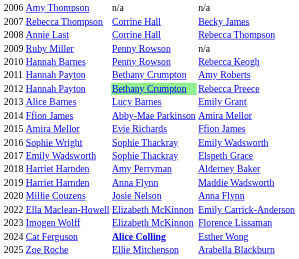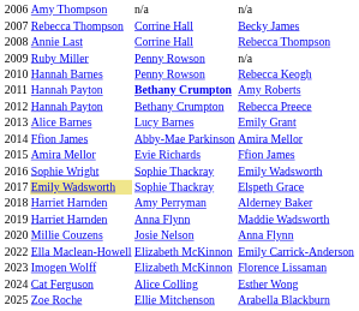 <table>
 <tr>
 <td>2006</td>
 <td><a href='#'>Amy Thompson</a></td>
 <td>n/a</td>
 <td>n/a</td>
 </tr>
 <tr>
 <td>2007</td>
 <td><a href='#'>Rebecca Thompson</a></td>
 <td><a href='#'>Corrine Hall</a></td>
 <td><a href='#'>Becky James</a></td>
 </tr>
 <tr>
 <td>2008</td>
 <td><a href='#'>Annie Last</a></td>
 <td><a href='#'>Corrine Hall</a></td>
 <td><a href='#'>Rebecca Thompson</a></td>
 </tr>
 <tr>
 <td>2009</td>
 <td><a href='#'>Ruby Miller</a></td>
 <td><a href='#'>Penny Rowson</a></td>
 <td>n/a</td>
 </tr>
 <tr>
 <td>2010</td>
 <td><a href='#'>Hannah Barnes</a></td>
 <td><a href='#'>Penny Rowson</a></td>
 <td><a href='#'>Rebecca Keogh</a></td>
 </tr>
 <tr>
 <td>2011</td>
 <td><a href='#'>Hannah Payton</a></td>
-<td><a href='#'>Bethany Crumpton</a></td>
+<td><strong><a href='#'>Bethany Crumpton</a></strong></td>
 <td><a href='#'>Amy Roberts</a></td>
 </tr>
 <tr>
 <td>2012</td>
 <td><a href='#'>Hannah Payton</a></td>
-<td style="background: lightgreen;"><a href='#'>Bethany Crumpton</a></td>
+<td><a href='#'>Bethany Crumpton</a></td>
 <td><a href='#'>Rebecca Preece</a></td>
 </tr>
 <tr>
 <td>2013</td>
 <td><a href='#'>Alice Barnes</a></td>
 <td><a href='#'>Lucy Barnes</a></td>
 <td><a href='#'>Emily Grant</a></td>
 </tr>
 <tr>
 <td>2014</td>
 <td><a href='#'>Ffion James</a></td>
 <td><a href='#'>Abby-Mae Parkinson</a></td>
 <td><a href='#'>Amira Mellor</a></td>
 </tr>
 <tr>
 <td>2015</td>
 <td><a href='#'>Amira Mellor</a></td>
 <td><a href='#'>Evie Richards</a></td>
 <td><a href='#'>Ffion James</a></td>
 </tr>
 <tr>
 <td>2016</td>
 <td><a href='#'>Sophie Wright</a></td>
 <td><a href='#'>Sophie Thackray</a></td>
 <td><a href='#'>Emily Wadsworth</a></td>
 </tr>
 <tr>
 <td>2017</td>
-<td><a href='#'>Emily Wadsworth</a></td>
+<td style="background: khaki;"><a href='#'>Emily Wadsworth</a></td>
 <td><a href='#'>Sophie Thackray</a></td>
 <td><a href='#'>Elspeth Grace</a></td>
 </tr>
 <tr>
 <td>2018</td>
 <td><a href='#'>Harriet Harnden</a></td>
 <td><a href='#'>Amy Perryman</a></td>
 <td><a href='#'>Alderney Baker</a></td>
 </tr>
 <tr>
 <td>2019</td>
 <td><a href='#'>Harriet Harnden</a></td>
 <td><a href='#'>Anna Flynn</a></td>
 <td><a href='#'>Maddie Wadsworth</a></td>
 </tr>
 <tr>
 <td>2020</td>
 <td><a href='#'>Millie Couzens</a></td>
 <td><a href='#'>Josie Nelson</a></td>
 <td><a href='#'>Anna Flynn</a></td>
 </tr>
 <tr>
 <td>2022</td>
 <td><a href='#'>Ella Maclean-Howell</a></td>
 <td><a href='#'>Elizabeth McKinnon</a></td>
 <td><a href='#'>Emily Carrick-Anderson</a></td>
 </tr>
 <tr>
 <td>2023</td>
 <td><a href='#'>Imogen Wolff</a></td>
 <td><a href='#'>Elizabeth McKinnon</a></td>
 <td><a href='#'>Florence Lissaman</a></td>
 </tr>
 <tr>
 <td>2024</td>
 <td><a href='#'>Cat Ferguson</a></td>
-<td><strong><a href='#'>Alice Colling</a></strong></td>
+<td><a href='#'>Alice Colling</a></td>
 <td><a href='#'>Esther Wong</a></td>
 </tr>
 <tr>
 <td>2025</td>
 <td><a href='#'>Zoe Roche</a></td>
 <td><a href='#'>Ellie Mitchenson</a></td>
 <td><a href='#'>Arabella Blackburn</a></td>
 </tr>
 </table>
